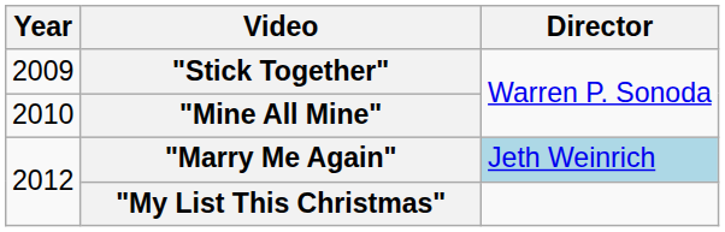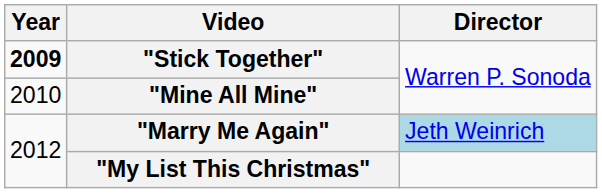 <table class="wikitable plainrowheaders">
 <tr>
 <th>Year</th>
 <th style="width:14em;">Video</th>
 <th>Director</th>
 </tr>
 <tr>
-<td>2009</td>
+<td><strong>2009</strong></td>
 <th scope="row">"Stick Together"</th>
 <td rowspan="2"><a href='#'>Warren P. Sonoda</a></td>
 </tr>
 <tr>
 <td>2010</td>
 <th scope="row">"Mine All Mine"</th>
 </tr>
 <tr>
 <td rowspan="2">2012</td>
 <th scope="row">"Marry Me Again"</th>
 <td style="background: lightblue;"><a href='#'>Jeth Weinrich</a></td>
 </tr>
 <tr>
 <th scope="row">"My List This Christmas"</th>
 <td></td>
 </tr>
 </table>
